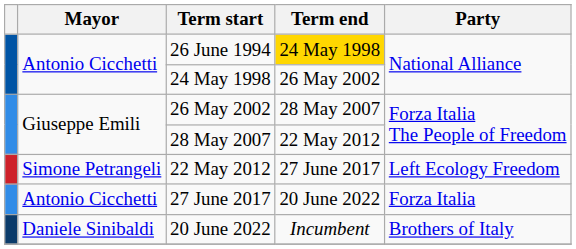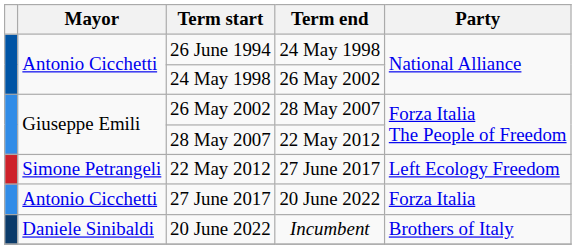 <table class="wikitable">
 <tr>
 <th class=unsortable> </th>
 <th>Mayor</th>
 <th>Term start</th>
 <th>Term end</th>
 <th>Party</th>
 </tr>
 <tr>
 <th rowspan=2 style="background:#0054A5;"></th>
 <td rowspan=2><a href='#'>Antonio Cicchetti</a></td>
 <td align=center>26 June 1994</td>
-<td align=center style="background: gold;">24 May 1998</td>
+<td align=center>24 May 1998</td>
 <td rowspan=2><a href='#'>National Alliance</a></td>
 </tr>
 <tr>
 <td align=center>24 May 1998</td>
 <td align=center>26 May 2002</td>
 </tr>
 <tr>
 <th rowspan=2 style="background:#318CE7;"></th>
 <td rowspan=2>Giuseppe Emili</td>
 <td align=center>26 May 2002</td>
 <td align=center>28 May 2007</td>
 <td rowspan=2><a href='#'>Forza Italia</a><br><a href='#'>The People of Freedom</a></td>
 </tr>
 <tr>
 <td align=center>28 May 2007</td>
 <td align=center>22 May 2012</td>
 </tr>
 <tr>
 <th style="background:#CE2029;"></th>
 <td><a href='#'>Simone Petrangeli</a></td>
 <td align=center>22 May 2012</td>
 <td align=center>27 June 2017</td>
 <td><a href='#'>Left Ecology Freedom</a></td>
 </tr>
 <tr>
 <th style="background:#318CE7;"></th>
 <td><a href='#'>Antonio Cicchetti</a></td>
 <td align=center>27 June 2017</td>
 <td align=center>20 June 2022</td>
 <td><a href='#'>Forza Italia</a></td>
 </tr>
 <tr>
 <th style="background:#0B3B6A;"></th>
 <td><a href='#'>Daniele Sinibaldi</a></td>
 <td align=center>20 June 2022</td>
 <td align=center><em>Incumbent</em></td>
 <td><a href='#'>Brothers of Italy</a></td>
 </tr>
 <tr>
 </tr>
 </table>
